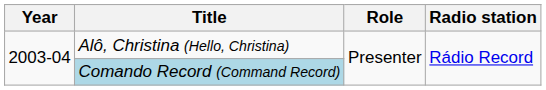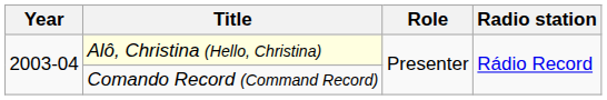 <table class="wikitable">
 <tr>
 <th>Year</th>
 <th>Title</th>
 <th>Role</th>
 <th>Radio station</th>
 </tr>
 <tr>
 <td rowspan=2>2003-04</td>
-<td><em>Alô, Christina</em> <small><em>(Hello, Christina)</em></small></td>
+<td style="background: lightyellow;"><em>Alô, Christina</em> <small><em>(Hello, Christina)</em></small></td>
 <td rowspan=2>Presenter</td>
 <td rowspan=2><a href='#'>Rádio Record</a></td>
 </tr>
 <tr>
-<td style="background: lightblue;"><em>Comando Record</em> <small><em>(Command Record)</em></small></td>
+<td><em>Comando Record</em> <small><em>(Command Record)</em></small></td>
 </tr>
 </table>
